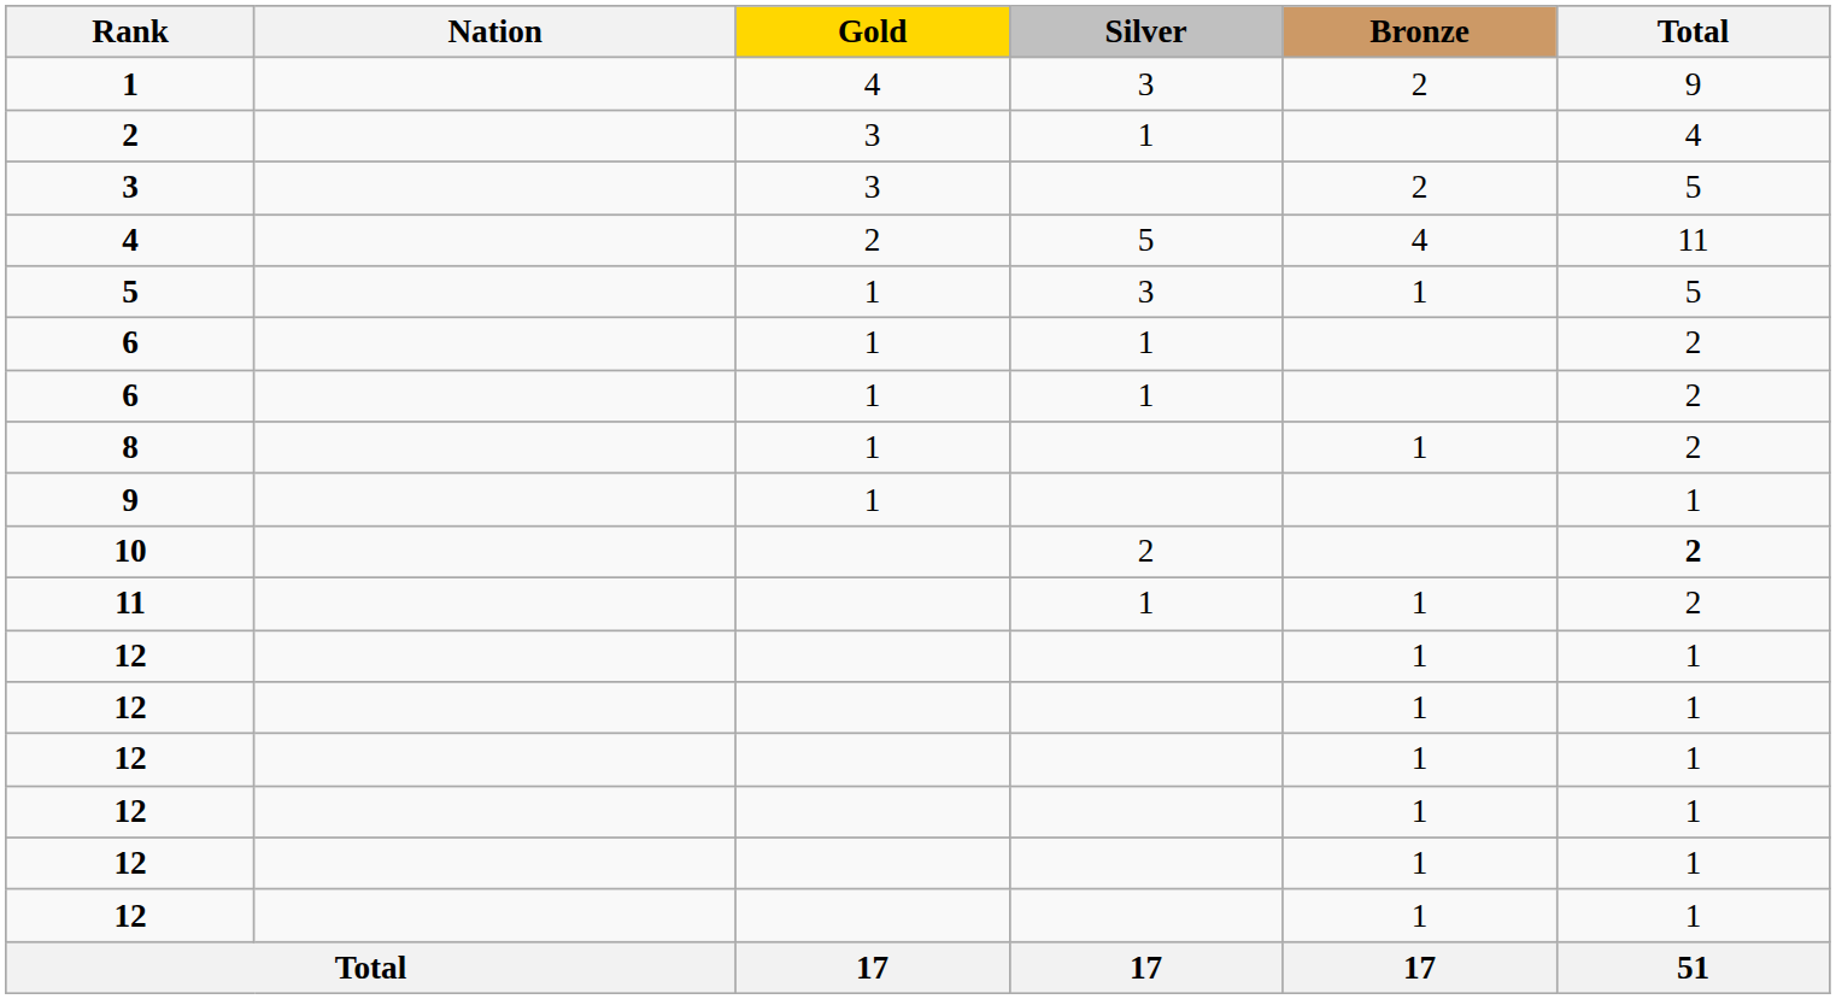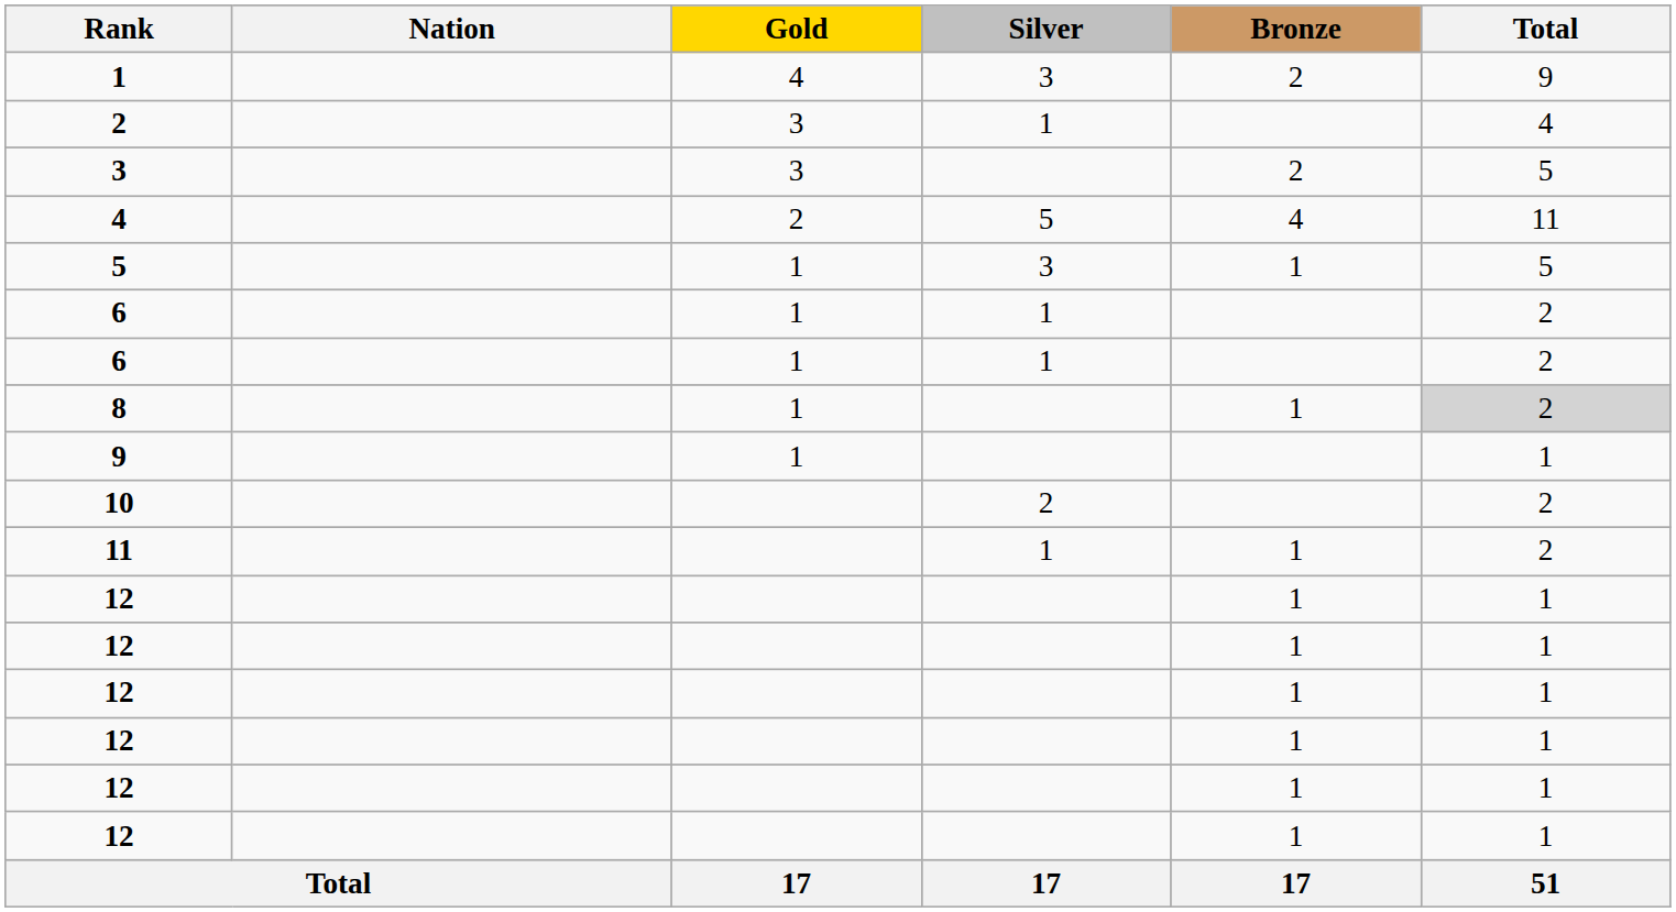 <table class="wikitable collapsible autocollapse plainrowheaders" width=70.5% style="text-align:center;">
 <tr style="background-color:#EDEDED;">
 <th width=100px class="hintergrundfarbe5">Rank</th>
 <th width=200px class="hintergrundfarbe6">Nation</th>
 <th style="background:    gold; width:15%">Gold</th>
 <th style="background:  silver; width:15%">Silver</th>
 <th style="background: #CC9966; width:15%">Bronze</th>
 <th class="hintergrundfarbe6" style="width:15%">Total</th>
 </tr>
 <tr>
 <td><strong>1</strong></td>
 <td align=left></td>
 <td>4</td>
 <td>3</td>
 <td>2</td>
 <td>9</td>
 </tr>
 <tr>
 <td><strong>2</strong></td>
 <td align=left></td>
 <td>3</td>
 <td>1</td>
 <td></td>
 <td>4</td>
 </tr>
 <tr>
 <td><strong>3</strong></td>
 <td align=left></td>
 <td>3</td>
 <td></td>
 <td>2</td>
 <td>5</td>
 </tr>
 <tr>
 <td><strong>4</strong></td>
 <td align=left></td>
 <td>2</td>
 <td>5</td>
 <td>4</td>
 <td>11</td>
 </tr>
 <tr>
 <td><strong>5</strong></td>
 <td align=left></td>
 <td>1</td>
 <td>3</td>
 <td>1</td>
 <td>5</td>
 </tr>
 <tr>
 <td><strong>6</strong></td>
 <td align=left></td>
 <td>1</td>
 <td>1</td>
 <td></td>
 <td>2</td>
 </tr>
 <tr>
 <td><strong>6</strong></td>
 <td align=left></td>
 <td>1</td>
 <td>1</td>
 <td></td>
 <td>2</td>
 </tr>
 <tr>
 <td><strong>8</strong></td>
 <td align=left></td>
 <td>1</td>
 <td></td>
 <td>1</td>
-<td>2</td>
+<td style="background: lightgrey;">2</td>
 </tr>
 <tr>
 <td><strong>9</strong></td>
 <td align=left></td>
 <td>1</td>
 <td></td>
 <td></td>
 <td>1</td>
 </tr>
 <tr>
 <td><strong>10</strong></td>
 <td align=left></td>
 <td></td>
 <td>2</td>
 <td></td>
-<td><strong>2</strong></td>
+<td>2</td>
 </tr>
 <tr>
 <td><strong>11</strong></td>
 <td align=left></td>
 <td></td>
 <td>1</td>
 <td>1</td>
 <td>2</td>
 </tr>
 <tr>
 <td><strong>12</strong></td>
 <td align=left></td>
 <td></td>
 <td></td>
 <td>1</td>
 <td>1</td>
 </tr>
 <tr>
 <td><strong>12</strong></td>
 <td align=left></td>
 <td></td>
 <td></td>
 <td>1</td>
 <td>1</td>
 </tr>
 <tr>
 <td><strong>12</strong></td>
 <td align=left></td>
 <td></td>
 <td></td>
 <td>1</td>
 <td>1</td>
 </tr>
 <tr>
 <td><strong>12</strong></td>
 <td align=left></td>
 <td></td>
 <td></td>
 <td>1</td>
 <td>1</td>
 </tr>
 <tr>
 <td><strong>12</strong></td>
 <td align=left></td>
 <td></td>
 <td></td>
 <td>1</td>
 <td>1</td>
 </tr>
 <tr>
 <td><strong>12</strong></td>
 <td align=left></td>
 <td></td>
 <td></td>
 <td>1</td>
 <td>1</td>
 </tr>
 <tr>
 <th colspan=2>Total</th>
 <th>17</th>
 <th>17</th>
 <th>17</th>
 <th>51</th>
 </tr>
 </table>
